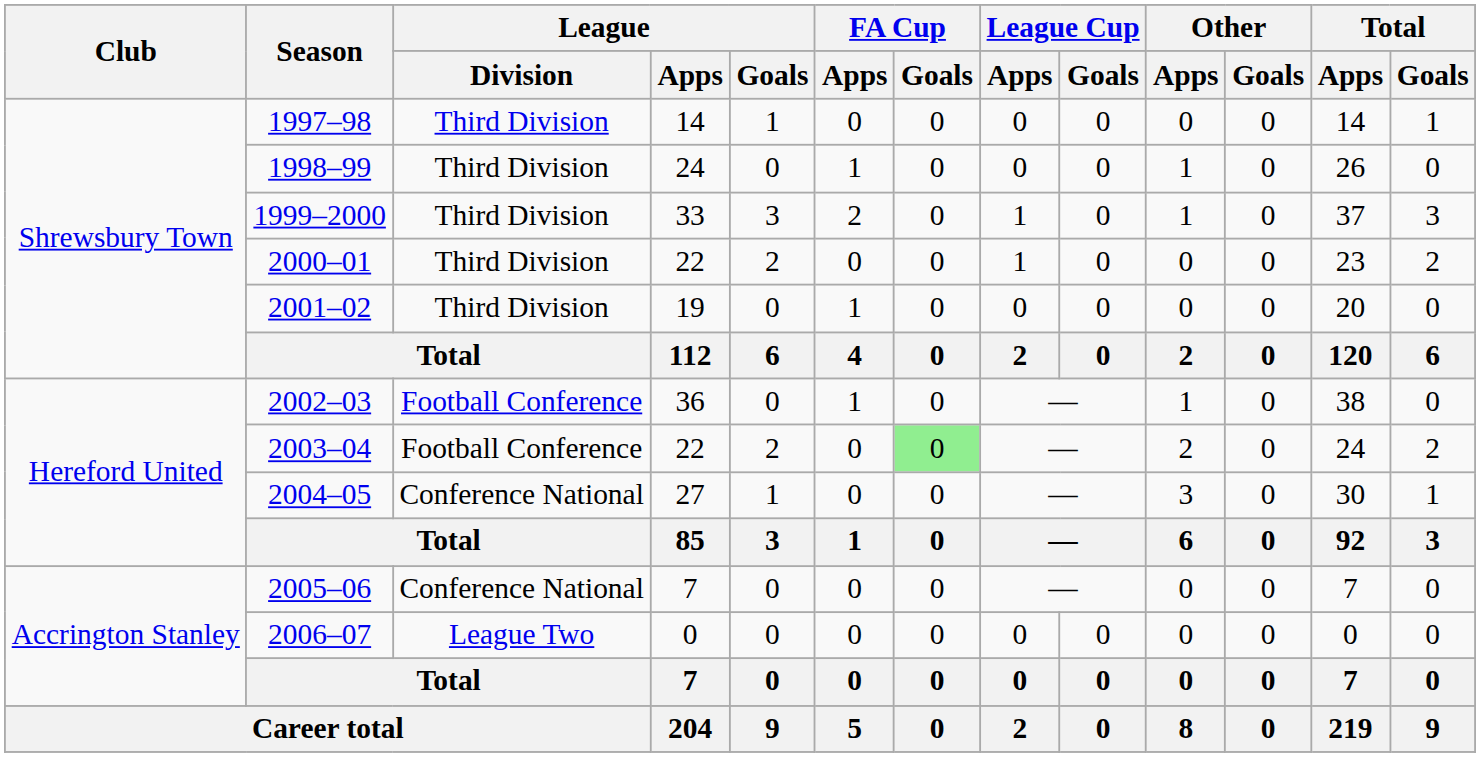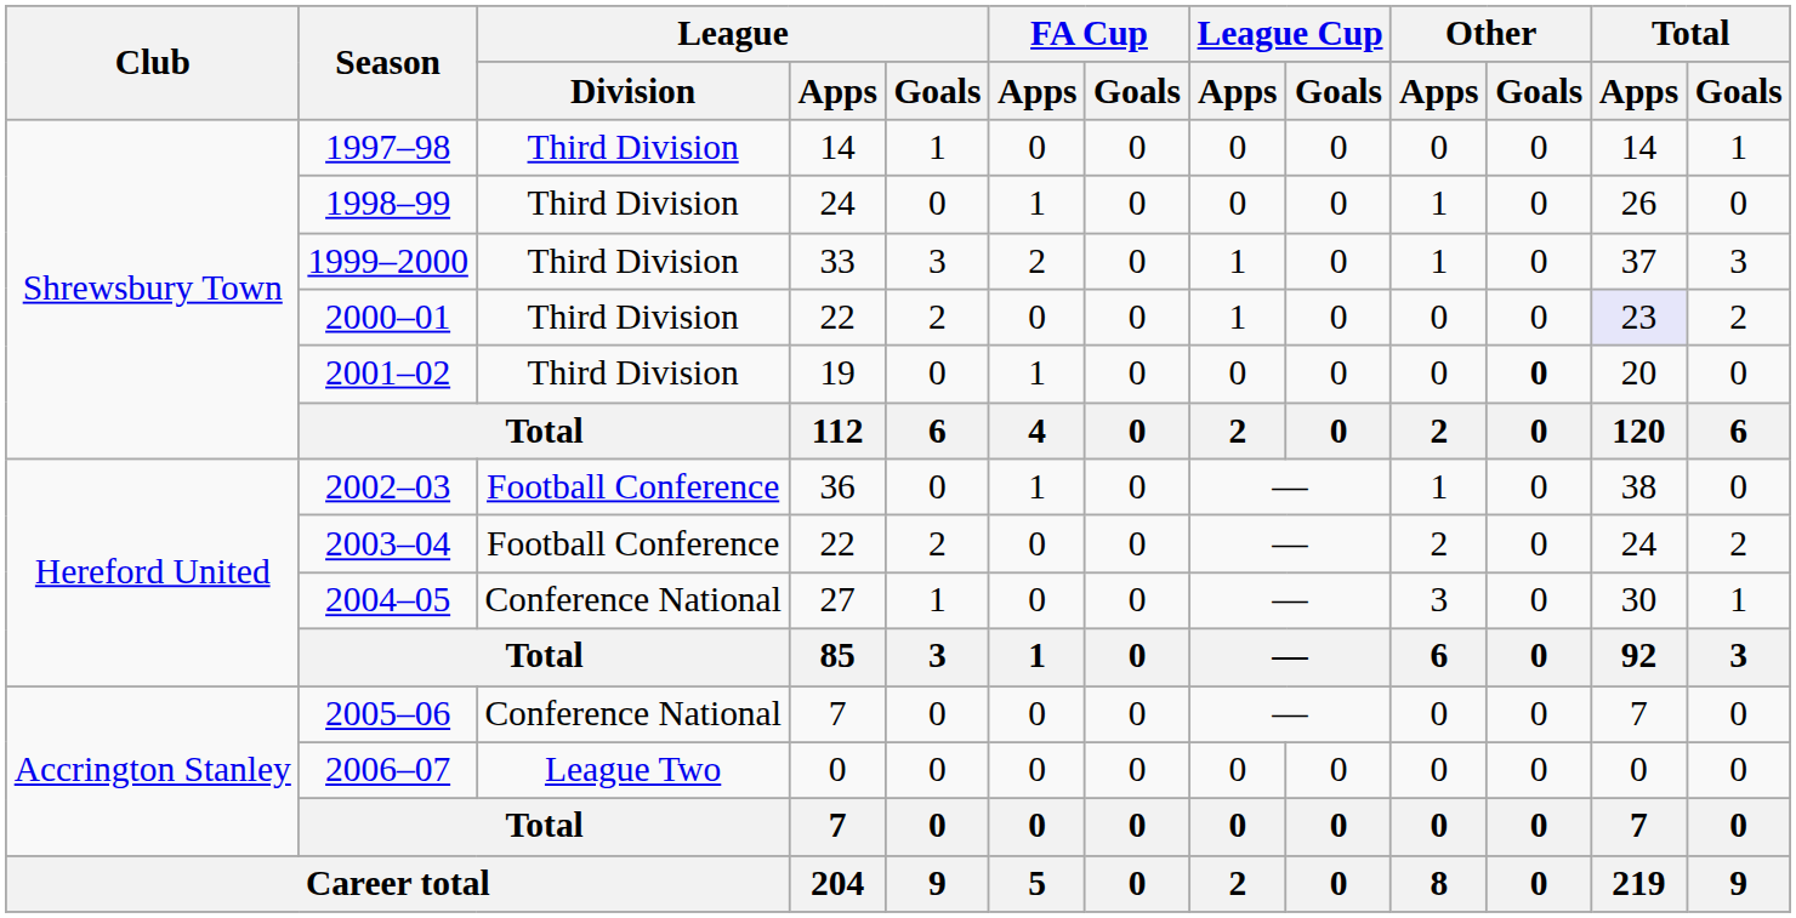 <table class="wikitable" style="text-align: center;">
 <tr>
 <th rowspan="2">Club</th>
 <th rowspan="2">Season</th>
 <th colspan="3">League</th>
 <th colspan="2"><a href='#'>FA Cup</a></th>
 <th colspan="2"><a href='#'>League Cup</a></th>
 <th colspan="2">Other</th>
 <th colspan="2">Total</th>
 </tr>
 <tr>
 <th>Division</th>
 <th>Apps</th>
 <th>Goals</th>
 <th>Apps</th>
 <th>Goals</th>
 <th>Apps</th>
 <th>Goals</th>
 <th>Apps</th>
 <th>Goals</th>
 <th>Apps</th>
 <th>Goals</th>
 </tr>
 <tr>
 <td rowspan="6"><a href='#'>Shrewsbury Town</a></td>
 <td><a href='#'>1997–98</a></td>
 <td><a href='#'>Third Division</a></td>
 <td>14</td>
 <td>1</td>
 <td>0</td>
 <td>0</td>
 <td>0</td>
 <td>0</td>
 <td>0</td>
 <td>0</td>
 <td>14</td>
 <td>1</td>
 </tr>
 <tr>
 <td><a href='#'>1998–99</a></td>
 <td>Third Division</td>
 <td>24</td>
 <td>0</td>
 <td>1</td>
 <td>0</td>
 <td>0</td>
 <td>0</td>
 <td>1</td>
 <td>0</td>
 <td>26</td>
 <td>0</td>
 </tr>
 <tr>
 <td><a href='#'>1999–2000</a></td>
 <td>Third Division</td>
 <td>33</td>
 <td>3</td>
 <td>2</td>
 <td>0</td>
 <td>1</td>
 <td>0</td>
 <td>1</td>
 <td>0</td>
 <td>37</td>
 <td>3</td>
 </tr>
 <tr>
 <td><a href='#'>2000–01</a></td>
 <td>Third Division</td>
 <td>22</td>
 <td>2</td>
 <td>0</td>
 <td>0</td>
 <td>1</td>
 <td>0</td>
 <td>0</td>
 <td>0</td>
-<td>23</td>
+<td style="background: lavender;">23</td>
 <td>2</td>
 </tr>
 <tr>
 <td><a href='#'>2001–02</a></td>
 <td>Third Division</td>
 <td>19</td>
 <td>0</td>
 <td>1</td>
 <td>0</td>
 <td>0</td>
 <td>0</td>
 <td>0</td>
-<td>0</td>
+<td><strong>0</strong></td>
 <td>20</td>
 <td>0</td>
 </tr>
 <tr>
 <th colspan="2">Total</th>
 <th>112</th>
 <th>6</th>
 <th>4</th>
 <th>0</th>
 <th>2</th>
 <th>0</th>
 <th>2</th>
 <th>0</th>
 <th>120</th>
 <th>6</th>
 </tr>
 <tr>
 <td rowspan="4"><a href='#'>Hereford United</a></td>
 <td><a href='#'>2002–03</a></td>
 <td><a href='#'>Football Conference</a></td>
 <td>36</td>
 <td>0</td>
 <td>1</td>
 <td>0</td>
 <td colspan="2">—</td>
 <td>1</td>
 <td>0</td>
 <td>38</td>
 <td>0</td>
 </tr>
 <tr>
 <td><a href='#'>2003–04</a></td>
 <td>Football Conference</td>
 <td>22</td>
 <td>2</td>
 <td>0</td>
-<td style="background: lightgreen;">0</td>
+<td>0</td>
 <td colspan="2">—</td>
 <td>2</td>
 <td>0</td>
 <td>24</td>
 <td>2</td>
 </tr>
 <tr>
 <td><a href='#'>2004–05</a></td>
 <td>Conference National</td>
 <td>27</td>
 <td>1</td>
 <td>0</td>
 <td>0</td>
 <td colspan="2">—</td>
 <td>3</td>
 <td>0</td>
 <td>30</td>
 <td>1</td>
 </tr>
 <tr>
 <th colspan="2">Total</th>
 <th>85</th>
 <th>3</th>
 <th>1</th>
 <th>0</th>
 <th colspan="2">—</th>
 <th>6</th>
 <th>0</th>
 <th>92</th>
 <th>3</th>
 </tr>
 <tr>
 <td rowspan="3"><a href='#'>Accrington Stanley</a></td>
 <td><a href='#'>2005–06</a></td>
 <td>Conference National</td>
 <td>7</td>
 <td>0</td>
 <td>0</td>
 <td>0</td>
 <td colspan="2">—</td>
 <td>0</td>
 <td>0</td>
 <td>7</td>
 <td>0</td>
 </tr>
 <tr>
 <td><a href='#'>2006–07</a></td>
 <td><a href='#'>League Two</a></td>
 <td>0</td>
 <td>0</td>
 <td>0</td>
 <td>0</td>
 <td>0</td>
 <td>0</td>
 <td>0</td>
 <td>0</td>
 <td>0</td>
 <td>0</td>
 </tr>
 <tr>
 <th colspan="2">Total</th>
 <th>7</th>
 <th>0</th>
 <th>0</th>
 <th>0</th>
 <th>0</th>
 <th>0</th>
 <th>0</th>
 <th>0</th>
 <th>7</th>
 <th>0</th>
 </tr>
 <tr>
 <th colspan="3">Career total</th>
 <th>204</th>
 <th>9</th>
 <th>5</th>
 <th>0</th>
 <th>2</th>
 <th>0</th>
 <th>8</th>
 <th>0</th>
 <th>219</th>
 <th>9</th>
 </tr>
 </table>
